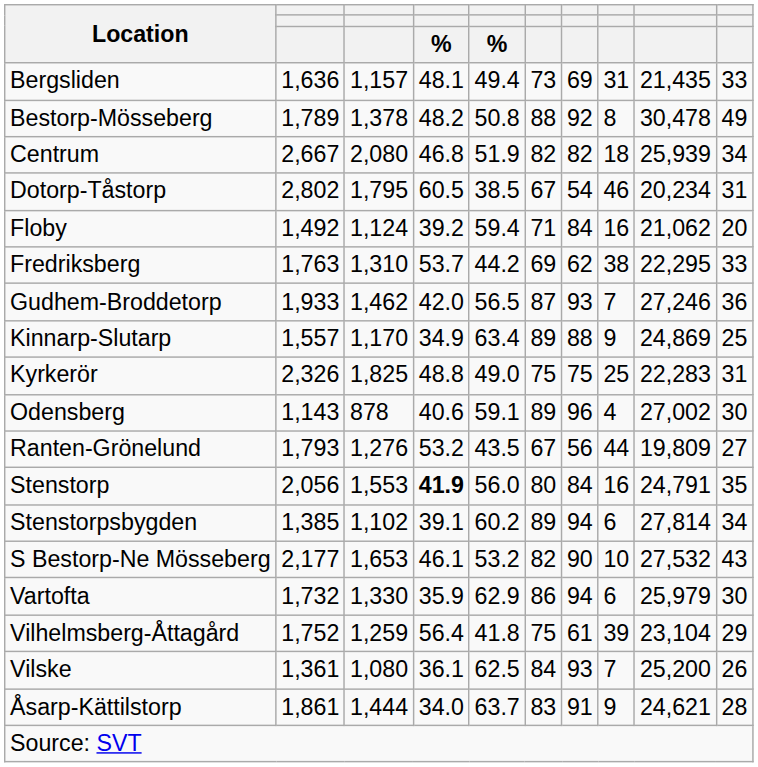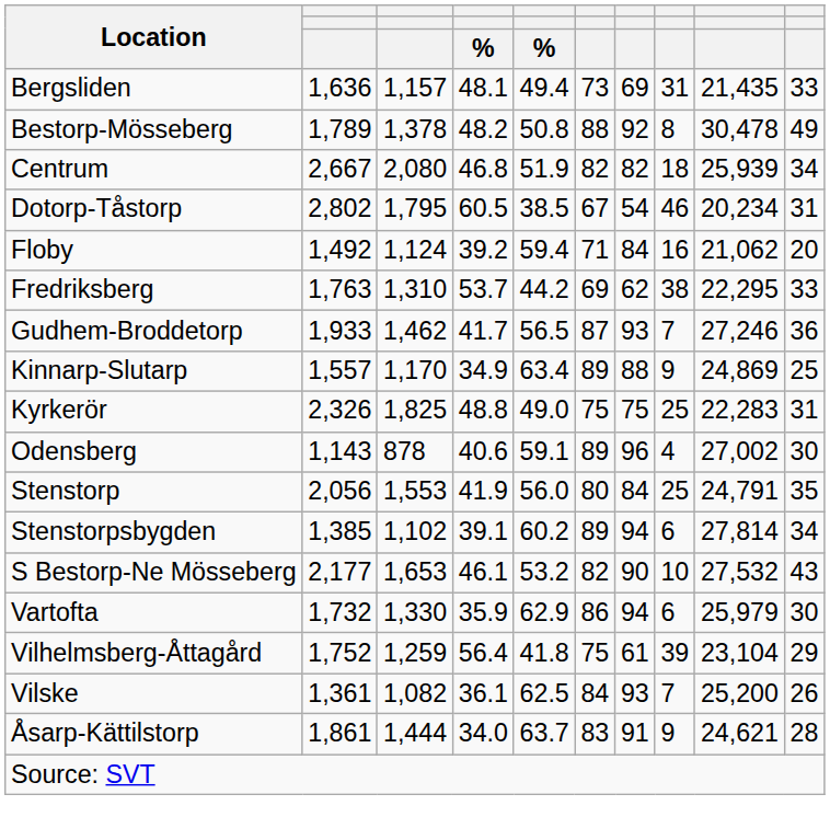 <table role="presentation" class="wikitable sortable mw-collapsible">
 <tr>
 <th rowspan="3">Location</th>
 <th></th>
 <th></th>
 <th></th>
 <th></th>
 <th></th>
 <th></th>
 <th></th>
 <th></th>
 <th></th>
 </tr>
 <tr>
 <th></th>
 <th></th>
 <th style="background:"></th>
 <th style="background:"></th>
 <th></th>
 <th></th>
 <th></th>
 <th></th>
 <th></th>
 </tr>
 <tr>
 <th data-sort-type="number"></th>
 <th data-sort-type="number"></th>
 <th data-sort-type="number">%</th>
 <th data-sort-type="number">%</th>
 <th data-sort-type="number"></th>
 <th data-sort-type="number"></th>
 <th data-sort-type="number"></th>
 <th data-sort-type="number"></th>
 <th data-sort-type="number"></th>
 </tr>
 <tr>
 <td align="left">Bergsliden</td>
 <td>1,636</td>
 <td>1,157</td>
 <td>48.1</td>
 <td>49.4</td>
 <td>73</td>
 <td>69</td>
 <td>31</td>
 <td>21,435</td>
 <td>33</td>
 </tr>
 <tr>
 <td align="left">Bestorp-Mösseberg</td>
 <td>1,789</td>
 <td>1,378</td>
 <td>48.2</td>
 <td>50.8</td>
 <td>88</td>
 <td>92</td>
 <td>8</td>
 <td>30,478</td>
 <td>49</td>
 </tr>
 <tr>
 <td align="left">Centrum</td>
 <td>2,667</td>
 <td>2,080</td>
 <td>46.8</td>
 <td>51.9</td>
 <td>82</td>
 <td>82</td>
 <td>18</td>
 <td>25,939</td>
 <td>34</td>
 </tr>
 <tr>
 <td align="left">Dotorp-Tåstorp</td>
 <td>2,802</td>
 <td>1,795</td>
 <td>60.5</td>
 <td>38.5</td>
 <td>67</td>
 <td>54</td>
 <td>46</td>
 <td>20,234</td>
 <td>31</td>
 </tr>
 <tr>
 <td align="left">Floby</td>
 <td>1,492</td>
 <td>1,124</td>
 <td>39.2</td>
 <td>59.4</td>
 <td>71</td>
 <td>84</td>
 <td>16</td>
 <td>21,062</td>
 <td>20</td>
 </tr>
 <tr>
 <td align="left">Fredriksberg</td>
 <td>1,763</td>
 <td>1,310</td>
 <td>53.7</td>
 <td>44.2</td>
 <td>69</td>
 <td>62</td>
 <td>38</td>
 <td>22,295</td>
 <td>33</td>
 </tr>
 <tr>
 <td align="left">Gudhem-Broddetorp</td>
 <td>1,933</td>
 <td>1,462</td>
-<td>42.0</td>
+<td>41.7</td>
 <td>56.5</td>
 <td>87</td>
 <td>93</td>
 <td>7</td>
 <td>27,246</td>
 <td>36</td>
 </tr>
 <tr>
 <td align="left">Kinnarp-Slutarp</td>
 <td>1,557</td>
 <td>1,170</td>
 <td>34.9</td>
 <td>63.4</td>
 <td>89</td>
 <td>88</td>
 <td>9</td>
 <td>24,869</td>
 <td>25</td>
 </tr>
 <tr>
 <td align="left">Kyrkerör</td>
 <td>2,326</td>
 <td>1,825</td>
 <td>48.8</td>
 <td>49.0</td>
 <td>75</td>
 <td>75</td>
 <td>25</td>
 <td>22,283</td>
 <td>31</td>
 </tr>
 <tr>
 <td align="left">Odensberg</td>
 <td>1,143</td>
 <td>878</td>
 <td>40.6</td>
 <td>59.1</td>
 <td>89</td>
 <td>96</td>
 <td>4</td>
 <td>27,002</td>
 <td>30</td>
 </tr>
 <tr>
-<td align="left">Ranten-Grönelund</td>
-<td>1,793</td>
-<td>1,276</td>
-<td>53.2</td>
-<td>43.5</td>
-<td>67</td>
-<td>56</td>
-<td>44</td>
-<td>19,809</td>
-<td>27</td>
-</tr>
-<tr>
 <td align="left">Stenstorp</td>
 <td>2,056</td>
 <td>1,553</td>
-<td><strong>41.9</strong></td>
+<td>41.9</td>
 <td>56.0</td>
 <td>80</td>
 <td>84</td>
-<td>16</td>
+<td>25</td>
 <td>24,791</td>
 <td>35</td>
 </tr>
 <tr>
 <td align="left">Stenstorpsbygden</td>
 <td>1,385</td>
 <td>1,102</td>
 <td>39.1</td>
 <td>60.2</td>
 <td>89</td>
 <td>94</td>
 <td>6</td>
 <td>27,814</td>
 <td>34</td>
 </tr>
 <tr>
 <td align="left">S Bestorp-Ne Mösseberg</td>
 <td>2,177</td>
 <td>1,653</td>
 <td>46.1</td>
 <td>53.2</td>
 <td>82</td>
 <td>90</td>
 <td>10</td>
 <td>27,532</td>
 <td>43</td>
 </tr>
 <tr>
 <td align="left">Vartofta</td>
 <td>1,732</td>
 <td>1,330</td>
 <td>35.9</td>
 <td>62.9</td>
 <td>86</td>
 <td>94</td>
 <td>6</td>
 <td>25,979</td>
 <td>30</td>
 </tr>
 <tr>
 <td align="left">Vilhelmsberg-Åttagård</td>
 <td>1,752</td>
 <td>1,259</td>
 <td>56.4</td>
 <td>41.8</td>
 <td>75</td>
 <td>61</td>
 <td>39</td>
 <td>23,104</td>
 <td>29</td>
 </tr>
 <tr>
 <td align="left">Vilske</td>
 <td>1,361</td>
-<td>1,080</td>
+<td>1,082</td>
 <td>36.1</td>
 <td>62.5</td>
 <td>84</td>
 <td>93</td>
 <td>7</td>
 <td>25,200</td>
 <td>26</td>
 </tr>
 <tr>
 <td align="left">Åsarp-Kättilstorp</td>
 <td>1,861</td>
 <td>1,444</td>
 <td>34.0</td>
 <td>63.7</td>
 <td>83</td>
 <td>91</td>
 <td>9</td>
 <td>24,621</td>
 <td>28</td>
 </tr>
 <tr>
 <td colspan="10" align="left">Source: <a href='#'>SVT</a></td>
 </tr>
 </table>
